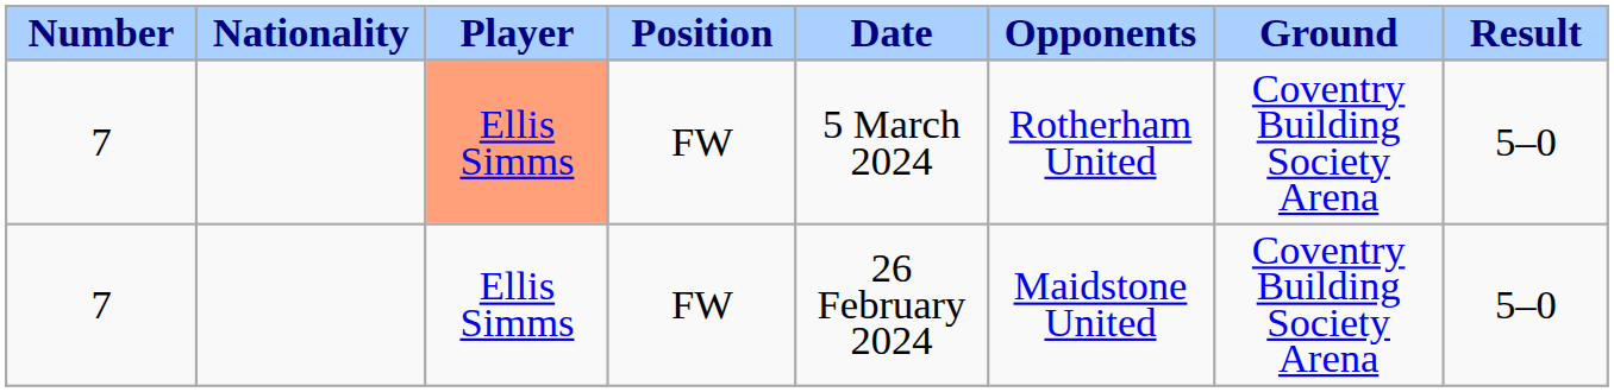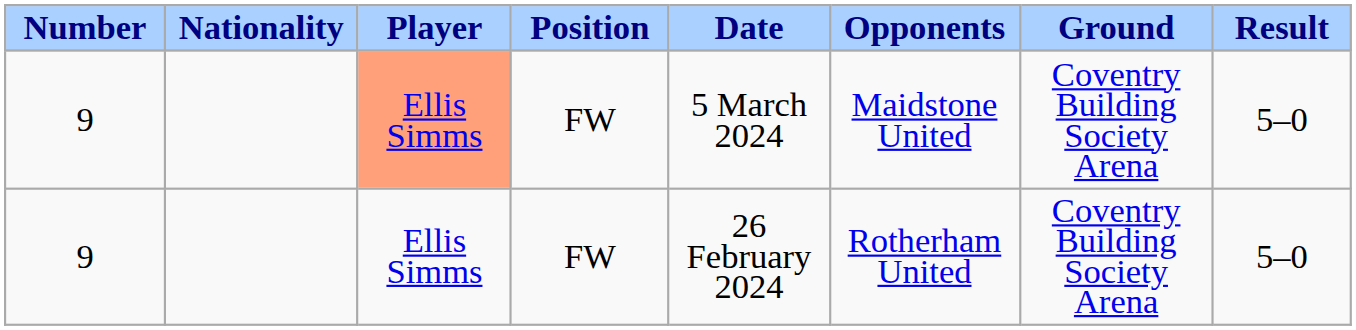 <table class="wikitable sortable alternance" style="font-size:100%; text-align:center; line-height:14px; width:100%;">
 <tr>
 <th style="background:#AAD0FF; color:#000080; width:100px;">Number</th>
 <th style="background:#AAD0FF; color:#000080; width:100px;">Nationality</th>
 <th style="background:#AAD0FF; color:#000080; width:130px;">Player</th>
 <th style="background:#AAD0FF; color:#000080; width:100px;">Position</th>
 <th style="background:#AAD0FF; color:#000080; width:100px;">Date</th>
 <th style="background:#AAD0FF; color:#000080; width:100px;">Opponents</th>
 <th style="background:#AAD0FF; color:#000080; width:160px;">Ground</th>
 <th style="background:#AAD0FF; color:#000080; width:100px;">Result</th>
 </tr>
 <tr>
-<td>7</td>
+<td>9</td>
 <td></td>
 <td style="background: lightsalmon;"><a href='#'>Ellis Simms</a></td>
 <td>FW</td>
 <td>5 March 2024</td>
+<td><a href='#'>Maidstone United</a></td>
+<td><a href='#'>Coventry Building Society Arena</a></td>
+<td>5–0</td>
+</tr>
+<tr>
+<td>9</td>
+<td></td>
+<td><a href='#'>Ellis Simms</a></td>
+<td>FW</td>
+<td>26 February 2024</td>
 <td><a href='#'>Rotherham United</a></td>
 <td><a href='#'>Coventry Building Society Arena</a></td>
 <td>5–0</td>
 </tr>
-<tr>
-<td>7</td>
-<td></td>
-<td><a href='#'>Ellis Simms</a></td>
-<td>FW</td>
-<td>26 February 2024</td>
-<td><a href='#'>Maidstone United</a></td>
-<td><a href='#'>Coventry Building Society Arena</a></td>
-<td>5–0</td>
-</tr>
 </table>
